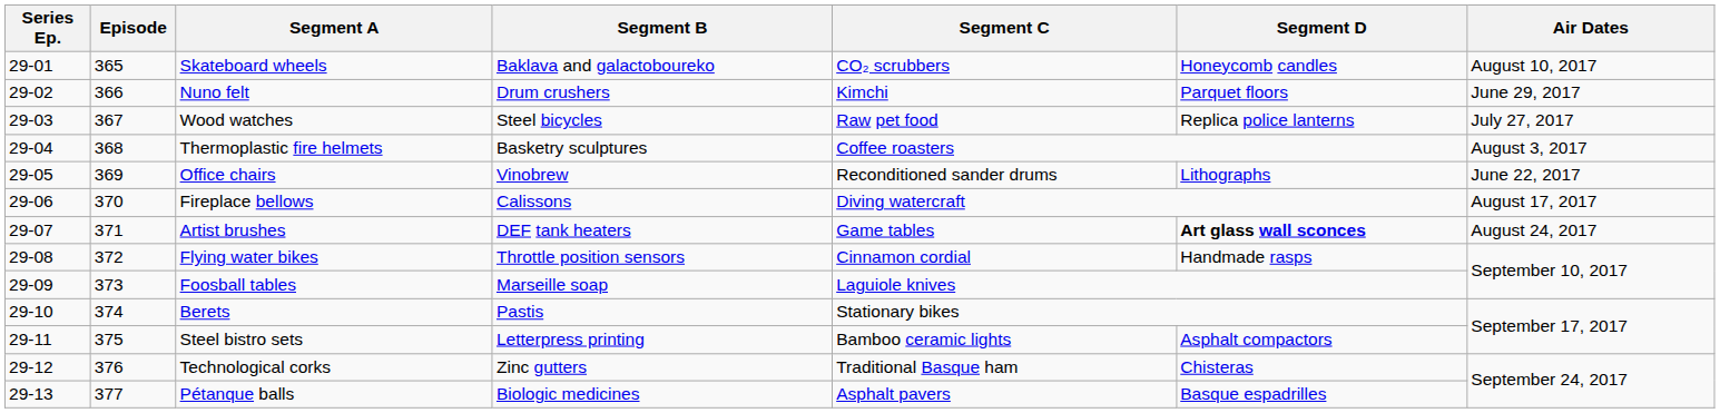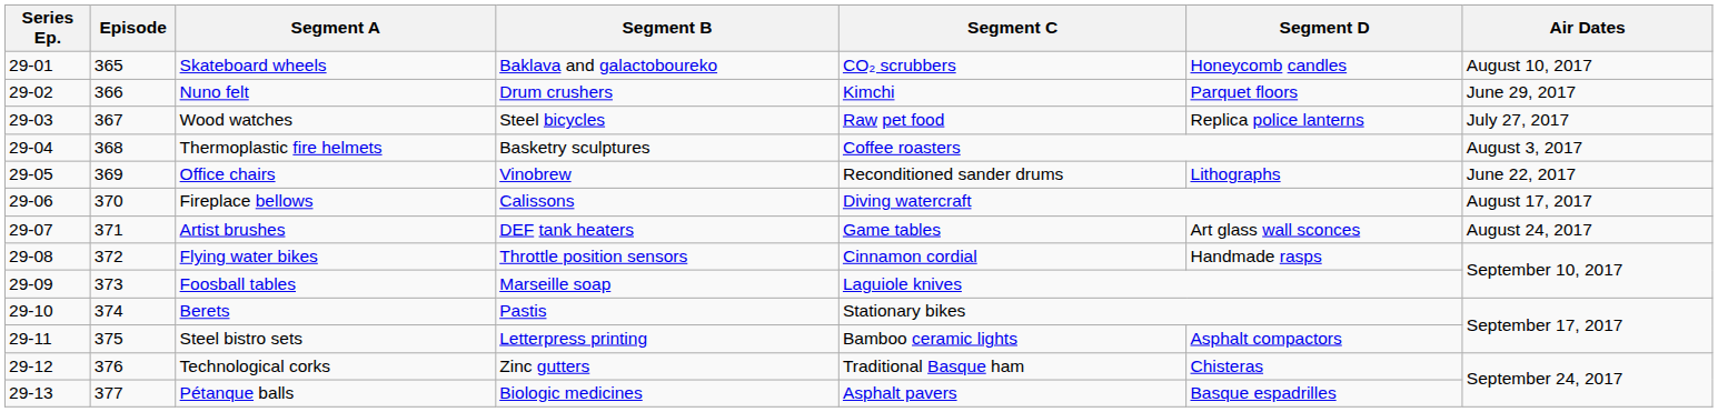 <table class="wikitable" style="width:100%;">
 <tr>
 <th style="width:5%;">Series Ep.</th>
 <th style="width:5%;">Episode</th>
 <th>Segment A</th>
 <th>Segment B</th>
 <th>Segment C</th>
 <th>Segment D</th>
 <th>Air Dates</th>
 </tr>
 <tr>
 <td>29-01</td>
 <td>365</td>
 <td><a href='#'>Skateboard wheels</a></td>
 <td><a href='#'>Baklava</a> and <a href='#'>galactoboureko</a></td>
 <td><a href='#'>CO₂ scrubbers</a></td>
 <td><a href='#'>Honeycomb</a> <a href='#'>candles</a></td>
 <td>August 10, 2017</td>
 </tr>
 <tr>
 <td>29-02</td>
 <td>366</td>
 <td><a href='#'>Nuno felt</a></td>
 <td><a href='#'>Drum crushers</a></td>
 <td><a href='#'>Kimchi</a></td>
 <td><a href='#'>Parquet floors</a></td>
 <td>June 29, 2017</td>
 </tr>
 <tr>
 <td>29-03</td>
 <td>367</td>
 <td>Wood watches</td>
 <td>Steel <a href='#'>bicycles</a></td>
 <td><a href='#'>Raw</a> <a href='#'>pet food</a></td>
 <td>Replica <a href='#'>police lanterns</a></td>
 <td>July 27, 2017</td>
 </tr>
 <tr>
 <td>29-04</td>
 <td>368</td>
 <td>Thermoplastic <a href='#'>fire helmets</a></td>
 <td>Basketry sculptures</td>
 <td colspan="2"><a href='#'>Coffee roasters</a></td>
 <td>August 3, 2017</td>
 </tr>
 <tr>
 <td>29-05</td>
 <td>369</td>
 <td><a href='#'>Office chairs</a></td>
 <td><a href='#'>Vinobrew</a></td>
 <td>Reconditioned sander drums</td>
 <td><a href='#'>Lithographs</a></td>
 <td>June 22, 2017</td>
 </tr>
 <tr>
 <td>29-06</td>
 <td>370</td>
 <td>Fireplace <a href='#'>bellows</a></td>
 <td><a href='#'>Calissons</a></td>
 <td colspan="2"><a href='#'>Diving watercraft</a></td>
 <td>August 17, 2017</td>
 </tr>
 <tr>
 <td>29-07</td>
 <td>371</td>
 <td><a href='#'>Artist brushes</a></td>
 <td><a href='#'>DEF</a> <a href='#'>tank heaters</a></td>
 <td><a href='#'>Game tables</a></td>
-<td><strong>Art glass <a href='#'>wall sconces</a></strong></td>
+<td>Art glass <a href='#'>wall sconces</a></td>
 <td>August 24, 2017</td>
 </tr>
 <tr>
 <td>29-08</td>
 <td>372</td>
 <td><a href='#'>Flying water bikes</a></td>
 <td><a href='#'>Throttle position sensors</a></td>
 <td><a href='#'>Cinnamon cordial</a></td>
 <td>Handmade <a href='#'>rasps</a></td>
 <td rowspan="2">September 10, 2017</td>
 </tr>
 <tr>
 <td>29-09</td>
 <td>373</td>
 <td><a href='#'>Foosball tables</a></td>
 <td><a href='#'>Marseille soap</a></td>
 <td colspan="2"><a href='#'>Laguiole knives</a></td>
 </tr>
 <tr>
 <td>29-10</td>
 <td>374</td>
 <td><a href='#'>Berets</a></td>
 <td><a href='#'>Pastis</a></td>
 <td colspan="2">Stationary bikes</td>
 <td rowspan="2">September 17, 2017</td>
 </tr>
 <tr>
 <td>29-11</td>
 <td>375</td>
 <td>Steel bistro sets</td>
 <td><a href='#'>Letterpress printing</a></td>
 <td>Bamboo <a href='#'>ceramic lights</a></td>
 <td><a href='#'>Asphalt compactors</a></td>
 </tr>
 <tr>
 <td>29-12</td>
 <td>376</td>
 <td>Technological corks</td>
 <td>Zinc <a href='#'>gutters</a></td>
 <td>Traditional <a href='#'>Basque</a> ham</td>
 <td><a href='#'>Chisteras</a></td>
 <td rowspan="2">September 24, 2017</td>
 </tr>
 <tr>
 <td>29-13</td>
 <td>377</td>
 <td><a href='#'>Pétanque</a> balls</td>
 <td><a href='#'>Biologic medicines</a></td>
 <td><a href='#'>Asphalt pavers</a></td>
 <td><a href='#'>Basque espadrilles</a></td>
 </tr>
 </table>
